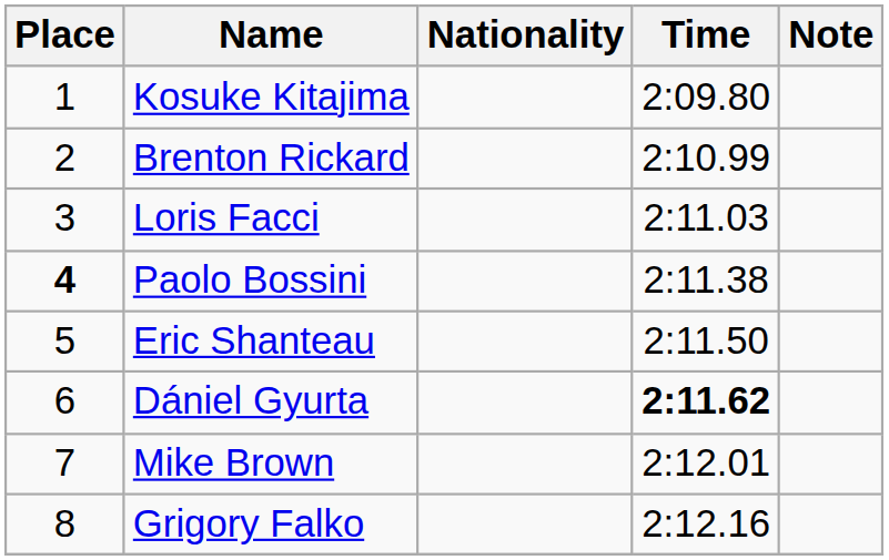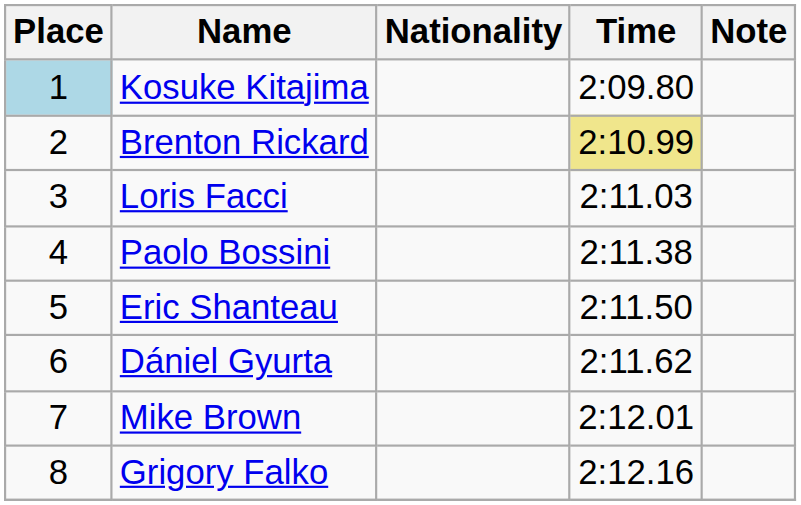 <table class="wikitable" style="text-align:center">
 <tr>
 <th>Place</th>
 <th>Name</th>
 <th>Nationality</th>
 <th>Time</th>
 <th>Note</th>
 </tr>
 <tr>
-<td>1</td>
+<td style="background: lightblue;">1</td>
 <td align=left><a href='#'>Kosuke Kitajima</a></td>
 <td align=left></td>
 <td>2:09.80</td>
 <td></td>
 </tr>
 <tr>
 <td>2</td>
 <td align=left><a href='#'>Brenton Rickard</a></td>
 <td align=left></td>
-<td>2:10.99</td>
+<td style="background: khaki;">2:10.99</td>
 <td></td>
 </tr>
 <tr>
 <td>3</td>
 <td align=left><a href='#'>Loris Facci</a></td>
 <td align=left></td>
 <td>2:11.03</td>
 <td></td>
 </tr>
 <tr>
-<td><strong>4</strong></td>
+<td>4</td>
 <td align=left><a href='#'>Paolo Bossini</a></td>
 <td align=left></td>
 <td>2:11.38</td>
 <td></td>
 </tr>
 <tr>
 <td>5</td>
 <td align=left><a href='#'>Eric Shanteau</a></td>
 <td align=left></td>
 <td>2:11.50</td>
 <td></td>
 </tr>
 <tr>
 <td>6</td>
 <td align=left><a href='#'>Dániel Gyurta</a></td>
 <td align=left></td>
-<td><strong>2:11.62</strong></td>
+<td>2:11.62</td>
 <td></td>
 </tr>
 <tr>
 <td>7</td>
 <td align=left><a href='#'>Mike Brown</a></td>
 <td align=left></td>
 <td>2:12.01</td>
 <td></td>
 </tr>
 <tr>
 <td>8</td>
 <td align=left><a href='#'>Grigory Falko</a></td>
 <td align=left></td>
 <td>2:12.16</td>
 <td></td>
 </tr>
 <tr>
 </tr>
 </table>
